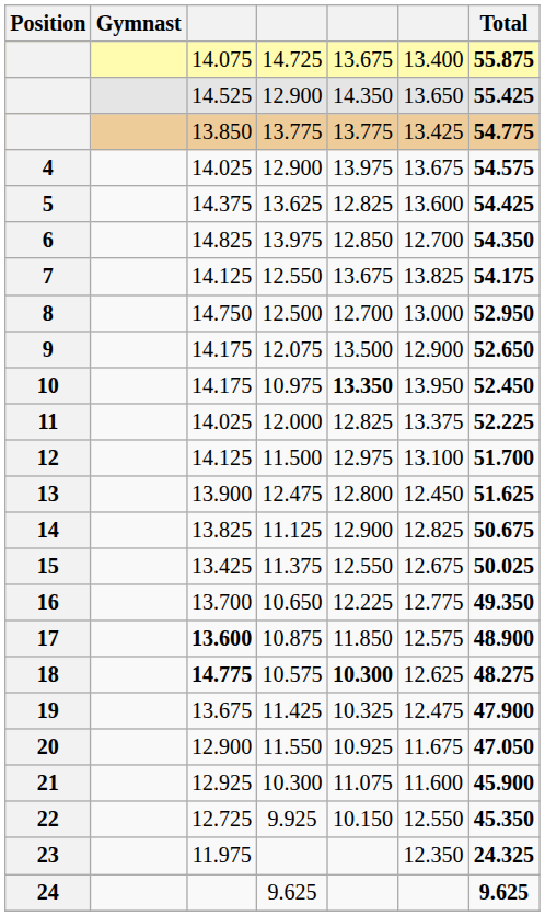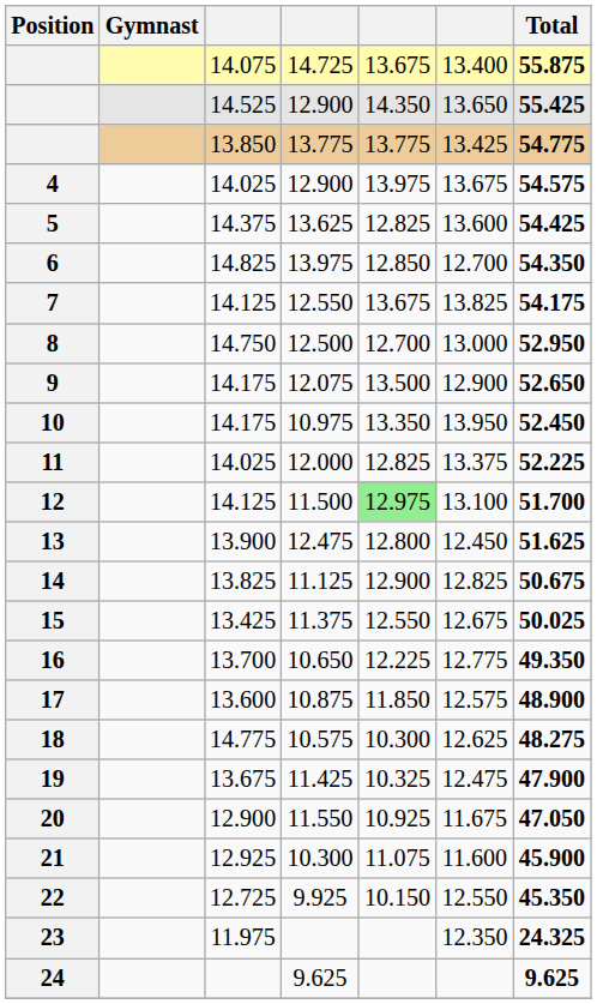 <table class="wikitable sortable" style="text-align:center; font-size:95%">
 <tr>
 <th>Position</th>
 <th>Gymnast</th>
 <th></th>
 <th></th>
 <th></th>
 <th></th>
 <th>Total</th>
 </tr>
 <tr style="background:#fffcaf;">
 <th></th>
 <td align=left></td>
 <td>14.075</td>
 <td>14.725</td>
 <td>13.675</td>
 <td>13.400</td>
 <td><strong>55.875</strong></td>
 </tr>
 <tr style="background:#e5e5e5;">
 <th></th>
 <td align=left></td>
 <td>14.525</td>
 <td>12.900</td>
 <td>14.350</td>
 <td>13.650</td>
 <td><strong>55.425</strong></td>
 </tr>
 <tr style="background:#ec9;">
 <th></th>
 <td align=left></td>
 <td>13.850</td>
 <td>13.775</td>
 <td>13.775</td>
 <td>13.425</td>
 <td><strong>54.775</strong></td>
 </tr>
 <tr>
 <th><strong>4</strong></th>
 <td align=left></td>
 <td>14.025</td>
 <td>12.900</td>
 <td>13.975</td>
 <td>13.675</td>
 <td><strong>54.575</strong></td>
 </tr>
 <tr>
 <th><strong>5</strong></th>
 <td align=left></td>
 <td>14.375</td>
 <td>13.625</td>
 <td>12.825</td>
 <td>13.600</td>
 <td><strong>54.425</strong></td>
 </tr>
 <tr>
 <th><strong>6</strong></th>
 <td align=left></td>
 <td>14.825</td>
 <td>13.975</td>
 <td>12.850</td>
 <td>12.700</td>
 <td><strong>54.350</strong></td>
 </tr>
 <tr>
 <th><strong>7</strong></th>
 <td align=left></td>
 <td>14.125</td>
 <td>12.550</td>
 <td>13.675</td>
 <td>13.825</td>
 <td><strong>54.175</strong></td>
 </tr>
 <tr>
 <th><strong>8</strong></th>
 <td align=left></td>
 <td>14.750</td>
 <td>12.500</td>
 <td>12.700</td>
 <td>13.000</td>
 <td><strong>52.950</strong></td>
 </tr>
 <tr>
 <th><strong>9</strong></th>
 <td align=left></td>
 <td>14.175</td>
 <td>12.075</td>
 <td>13.500</td>
 <td>12.900</td>
 <td><strong>52.650</strong></td>
 </tr>
 <tr>
 <th><strong>10</strong></th>
 <td align=left></td>
 <td>14.175</td>
 <td>10.975</td>
-<td><strong>13.350</strong></td>
+<td>13.350</td>
 <td>13.950</td>
 <td><strong>52.450</strong></td>
 </tr>
 <tr>
 <th><strong>11</strong></th>
 <td align=left></td>
 <td>14.025</td>
 <td>12.000</td>
 <td>12.825</td>
 <td>13.375</td>
 <td><strong>52.225</strong></td>
 </tr>
 <tr>
 <th><strong>12</strong></th>
 <td align=left></td>
 <td>14.125</td>
 <td>11.500</td>
-<td>12.975</td>
+<td style="background: lightgreen;">12.975</td>
 <td>13.100</td>
 <td><strong>51.700</strong></td>
 </tr>
 <tr>
 <th><strong>13</strong></th>
 <td align=left></td>
 <td>13.900</td>
 <td>12.475</td>
 <td>12.800</td>
 <td>12.450</td>
 <td><strong>51.625</strong></td>
 </tr>
 <tr>
 <th><strong>14</strong></th>
 <td align=left></td>
 <td>13.825</td>
 <td>11.125</td>
 <td>12.900</td>
 <td>12.825</td>
 <td><strong>50.675</strong></td>
 </tr>
 <tr>
 <th><strong>15</strong></th>
 <td align=left></td>
 <td>13.425</td>
 <td>11.375</td>
 <td>12.550</td>
 <td>12.675</td>
 <td><strong>50.025</strong></td>
 </tr>
 <tr>
 <th><strong>16</strong></th>
 <td align=left></td>
 <td>13.700</td>
 <td>10.650</td>
 <td>12.225</td>
 <td>12.775</td>
 <td><strong>49.350</strong></td>
 </tr>
 <tr>
 <th><strong>17</strong></th>
 <td align=left></td>
-<td><strong>13.600</strong></td>
+<td>13.600</td>
 <td>10.875</td>
 <td>11.850</td>
 <td>12.575</td>
 <td><strong>48.900</strong></td>
 </tr>
 <tr>
 <th><strong>18</strong></th>
 <td align=left></td>
-<td><strong>14.775</strong></td>
+<td>14.775</td>
 <td>10.575</td>
-<td><strong>10.300</strong></td>
+<td>10.300</td>
 <td>12.625</td>
 <td><strong>48.275</strong></td>
 </tr>
 <tr>
 <th><strong>19</strong></th>
 <td align=left></td>
 <td>13.675</td>
 <td>11.425</td>
 <td>10.325</td>
 <td>12.475</td>
 <td><strong>47.900</strong></td>
 </tr>
 <tr>
 <th><strong>20</strong></th>
 <td align=left></td>
 <td>12.900</td>
 <td>11.550</td>
 <td>10.925</td>
 <td>11.675</td>
 <td><strong>47.050</strong></td>
 </tr>
 <tr>
 <th><strong>21</strong></th>
 <td align=left></td>
 <td>12.925</td>
 <td>10.300</td>
 <td>11.075</td>
 <td>11.600</td>
 <td><strong>45.900</strong></td>
 </tr>
 <tr>
 <th><strong>22</strong></th>
 <td align=left></td>
 <td>12.725</td>
 <td>9.925</td>
 <td>10.150</td>
 <td>12.550</td>
 <td><strong>45.350</strong></td>
 </tr>
 <tr>
 <th><strong>23</strong></th>
 <td align=left></td>
 <td>11.975</td>
 <td></td>
 <td></td>
 <td>12.350</td>
 <td><strong>24.325</strong></td>
 </tr>
 <tr>
 <th><strong>24</strong></th>
 <td align=left></td>
 <td></td>
 <td>9.625</td>
 <td></td>
 <td></td>
 <td><strong>9.625</strong></td>
 </tr>
 <tr>
 </tr>
 </table>
